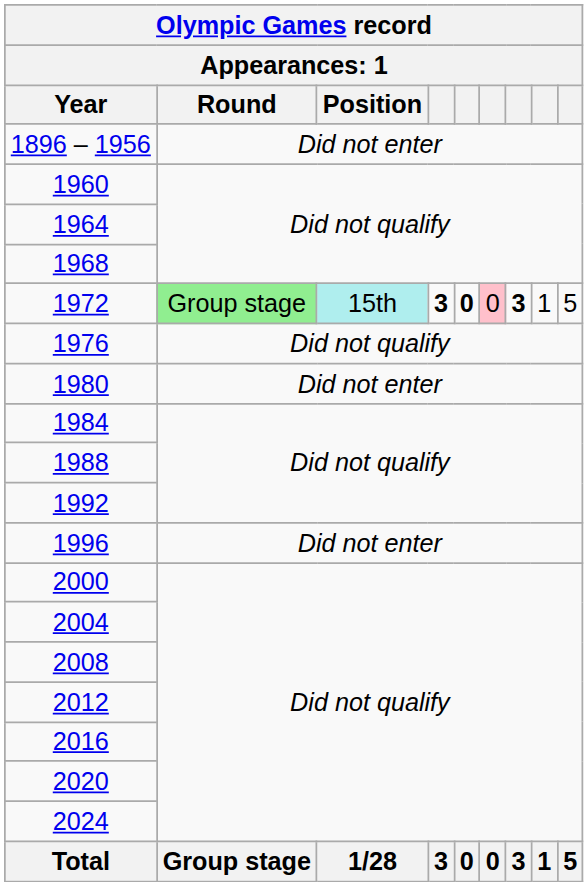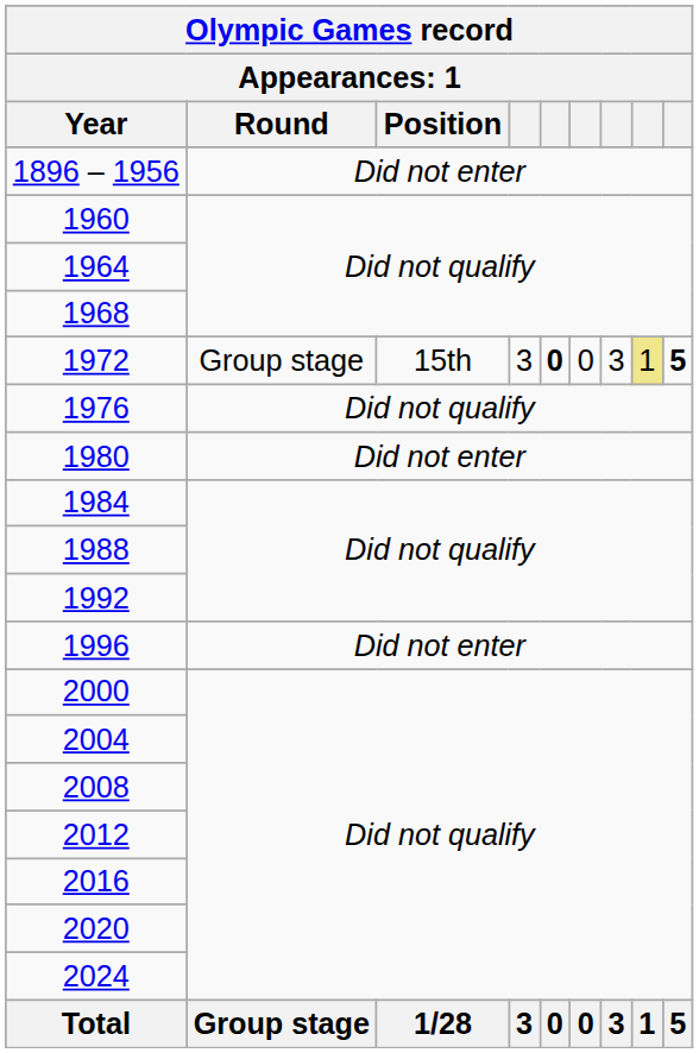 <table class="wikitable" style="text-align: center;font-size:90%;">
 <tr>
 <th colspan=9><a href='#'>Olympic Games</a> record</th>
 </tr>
 <tr>
 <th colspan=9>Appearances: 1</th>
 </tr>
 <tr>
 <th>Year</th>
 <th>Round</th>
 <th>Position</th>
 <th></th>
 <th></th>
 <th></th>
 <th></th>
 <th></th>
 <th></th>
 </tr>
 <tr>
 <td><a href='#'>1896</a> – <a href='#'>1956</a></td>
 <td colspan=8><em>Did not enter</em></td>
 </tr>
 <tr>
 <td> <a href='#'>1960</a></td>
 <td colspan=8 rowspan=3><em>Did not qualify</em></td>
 </tr>
 <tr>
 <td> <a href='#'>1964</a></td>
 </tr>
 <tr>
 <td> <a href='#'>1968</a></td>
 </tr>
 <tr>
 <td> <a href='#'>1972</a></td>
-<td style="background: lightgreen;">Group stage</td>
-<td style="background: paleturquoise;">15th</td>
-<td><strong>3</strong></td>
+<td>Group stage</td>
+<td>15th</td>
+<td>3</td>
 <td><strong>0</strong></td>
-<td style="background: pink;">0</td>
-<td><strong>3</strong></td>
-<td>1</td>
-<td>5</td>
+<td>0</td>
+<td>3</td>
+<td style="background: khaki;">1</td>
+<td><strong>5</strong></td>
 </tr>
 <tr>
 <td> <a href='#'>1976</a></td>
 <td colspan=8><em>Did not qualify</em></td>
 </tr>
 <tr>
 <td> <a href='#'>1980</a></td>
 <td colspan=8><em>Did not enter</em></td>
 </tr>
 <tr>
 <td> <a href='#'>1984</a></td>
 <td colspan=8 rowspan=3><em>Did not qualify</em></td>
 </tr>
 <tr>
 <td> <a href='#'>1988</a></td>
 </tr>
 <tr>
 <td> <a href='#'>1992</a></td>
 </tr>
 <tr>
 <td> <a href='#'>1996</a></td>
 <td colspan=8><em>Did not enter</em></td>
 </tr>
 <tr>
 <td> <a href='#'>2000</a></td>
 <td colspan=8 rowspan=7><em>Did not qualify</em></td>
 </tr>
 <tr>
 <td> <a href='#'>2004</a></td>
 </tr>
 <tr>
 <td> <a href='#'>2008</a></td>
 </tr>
 <tr>
 <td> <a href='#'>2012</a></td>
 </tr>
 <tr>
 <td> <a href='#'>2016</a></td>
 </tr>
 <tr>
 <td> <a href='#'>2020</a></td>
 </tr>
 <tr>
 <td> <a href='#'>2024</a></td>
 </tr>
 <tr>
 <th>Total</th>
 <th>Group stage</th>
 <th>1/28</th>
 <th>3</th>
 <th>0</th>
 <th>0</th>
 <th>3</th>
 <th>1</th>
 <th>5</th>
 </tr>
 </table>
